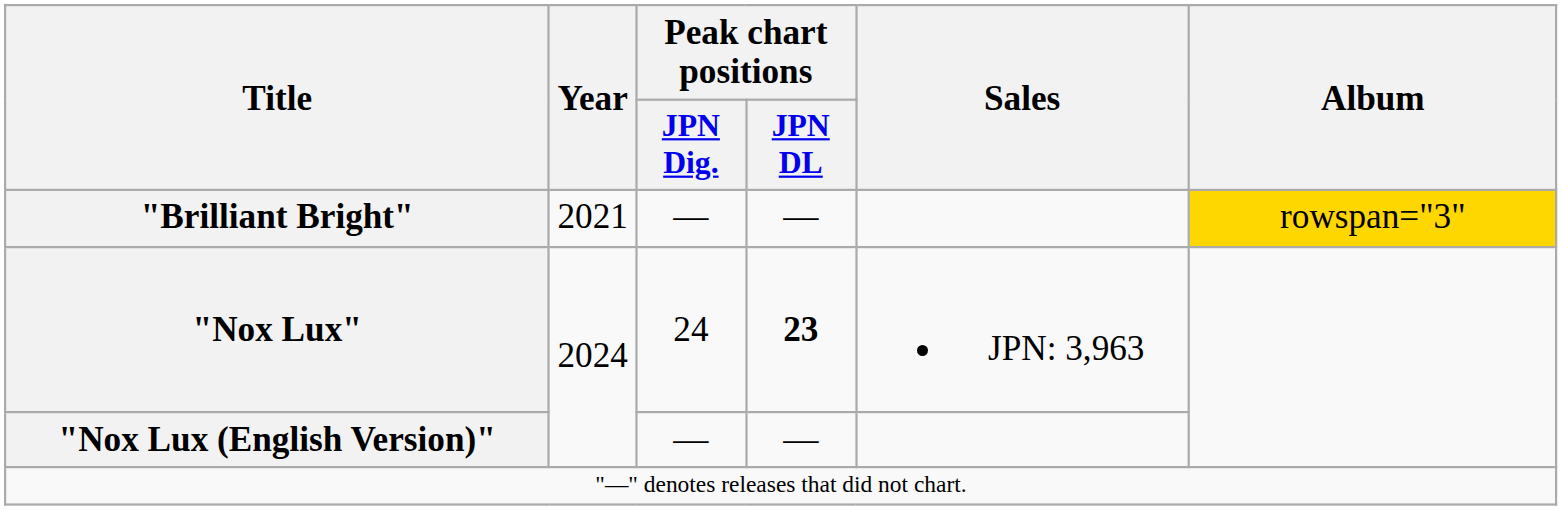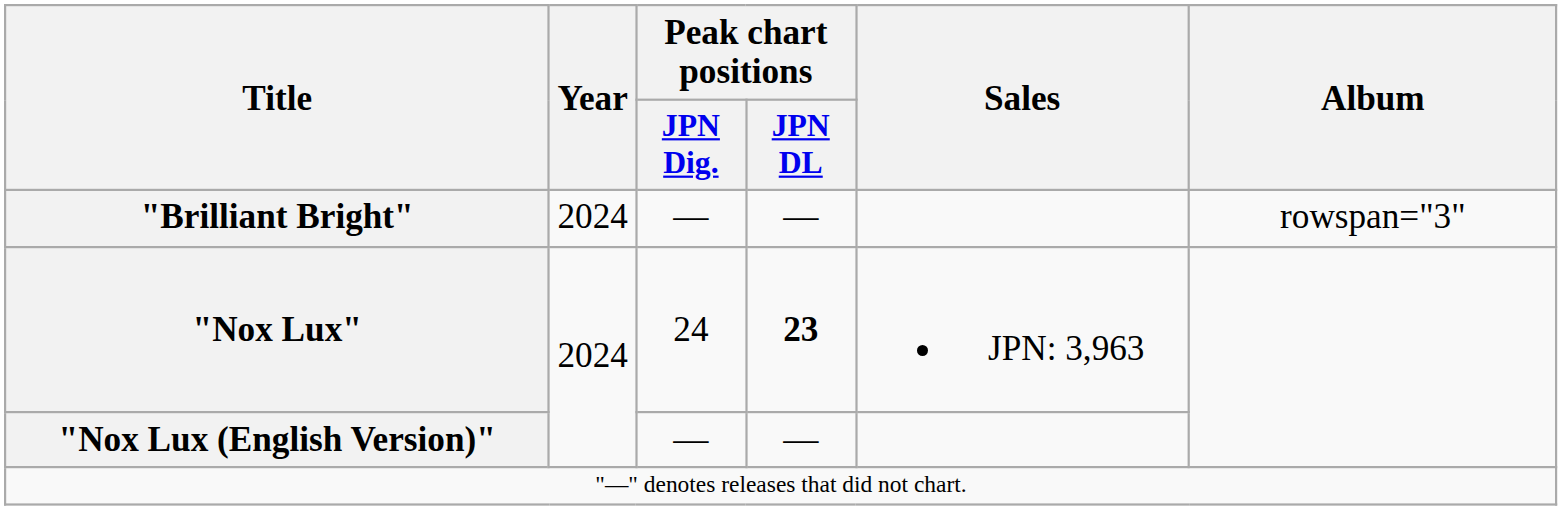 <table class="wikitable plainrowheaders" style="text-align:center;">
 <tr>
 <th scope="col" rowspan="2" style="width:15em;">Title</th>
 <th scope="col" rowspan="2" style="width:1em;">Year</th>
 <th scope="col" colspan="2">Peak chart<br>positions</th>
 <th scope="col" rowspan="2" style="width:9em;">Sales<br></th>
 <th scope="col" rowspan="2" style="width:10em;">Album</th>
 </tr>
 <tr>
 <th scope="col" style="width:3em;font-size:90%;"><a href='#'>JPN<br>Dig.</a><br></th>
 <th scope="col" style="width:3em;font-size:90%;"><a href='#'>JPN<br>DL</a><br></th>
 </tr>
 <tr>
 <th scope="row">"Brilliant Bright"</th>
-<td>2021</td>
+<td>2024</td>
 <td>—</td>
 <td>—</td>
 <td></td>
-<td style="background: gold;">rowspan="3" </td>
+<td>rowspan="3" </td>
 </tr>
 <tr>
 <th scope="row">"Nox Lux"</th>
 <td rowspan="2">2024</td>
 <td>24</td>
 <td><strong>23</strong></td>
 <td><br><ul><li>JPN: 3,963</li></ul></td>
 </tr>
 <tr>
 <th scope="row">"Nox Lux (English Version)"</th>
 <td>—</td>
 <td>—</td>
 <td></td>
 </tr>
 <tr>
 <td colspan="6" style="font-size: 8pt">"—" denotes releases that did not chart.</td>
 </tr>
 </table>
